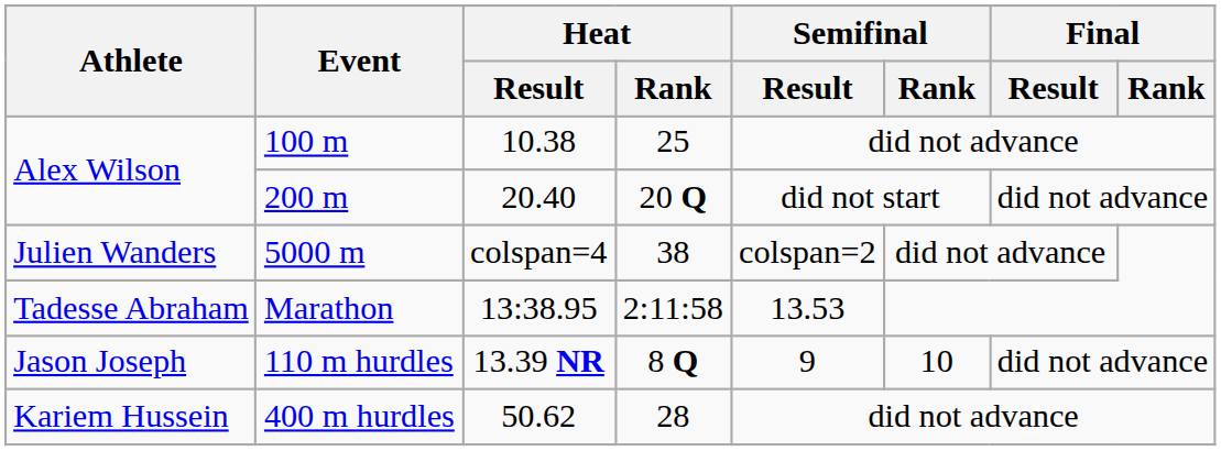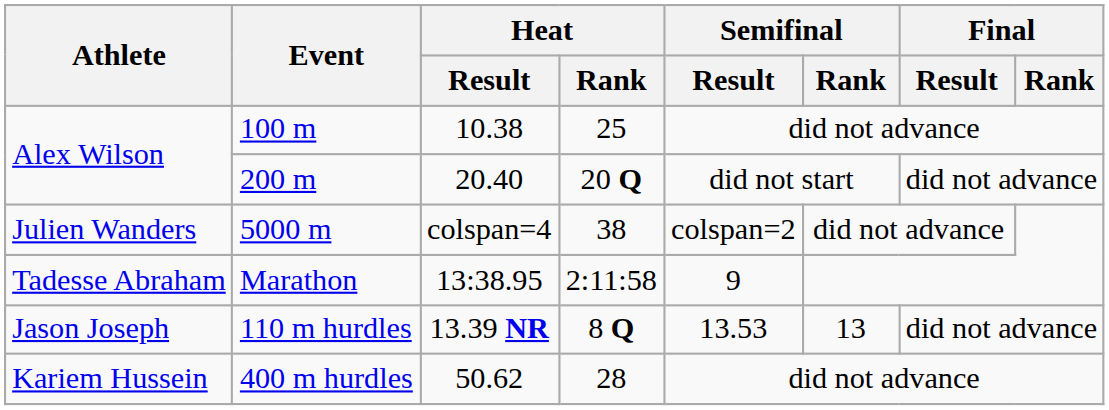 <table class="wikitable"  style=font-size:90%>
 <tr>
 <th rowspan="2">Athlete</th>
 <th rowspan="2">Event</th>
 <th colspan="2">Heat</th>
 <th colspan="2">Semifinal</th>
 <th colspan="2">Final</th>
 </tr>
 <tr>
 <th>Result</th>
 <th>Rank</th>
 <th>Result</th>
 <th>Rank</th>
 <th>Result</th>
 <th>Rank</th>
 </tr>
 <tr style=text-align:center>
 <td style=text-align:left rowspan=2><a href='#'>Alex Wilson</a></td>
 <td style=text-align:left><a href='#'>100 m</a></td>
 <td>10.38</td>
 <td>25</td>
 <td colspan=4>did not advance</td>
 </tr>
 <tr style=text-align:center>
 <td style=text-align:left><a href='#'>200 m</a></td>
 <td>20.40</td>
 <td>20 <strong>Q</strong></td>
 <td colspan=2>did not start</td>
 <td colspan=2>did not advance</td>
 </tr>
 <tr style=text-align:center>
 <td style=text-align:left><a href='#'>Julien Wanders</a></td>
 <td style=text-align:left><a href='#'>5000 m</a></td>
 <td>colspan=4</td>
 <td>38</td>
 <td>colspan=2</td>
 <td colspan=2>did not advance</td>
 </tr>
 <tr style=text-align:center>
 <td style=text-align:left><a href='#'>Tadesse Abraham</a></td>
 <td style=text-align:left><a href='#'>Marathon</a></td>
 <td>13:38.95</td>
 <td>2:11:58</td>
-<td>13.53</td>
+<td>9</td>
 </tr>
 <tr style=text-align:center>
 <td style=text-align:left><a href='#'>Jason Joseph</a></td>
 <td style=text-align:left><a href='#'>110 m hurdles</a></td>
 <td>13.39 <strong><a href='#'>NR</a></strong></td>
 <td>8 <strong>Q</strong></td>
-<td>9</td>
-<td>10</td>
+<td>13.53</td>
+<td>13</td>
 <td colspan=2>did not advance</td>
 </tr>
 <tr style=text-align:center>
 <td style=text-align:left><a href='#'>Kariem Hussein</a></td>
 <td style=text-align:left><a href='#'>400 m hurdles</a></td>
 <td>50.62</td>
 <td>28</td>
 <td colspan=4>did not advance</td>
 </tr>
 </table>
